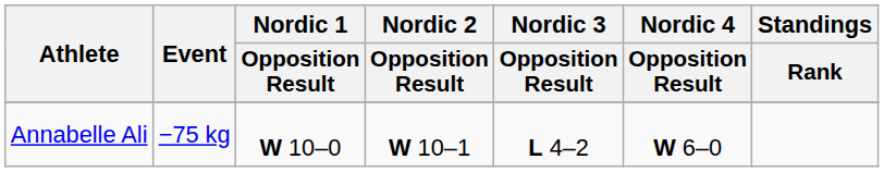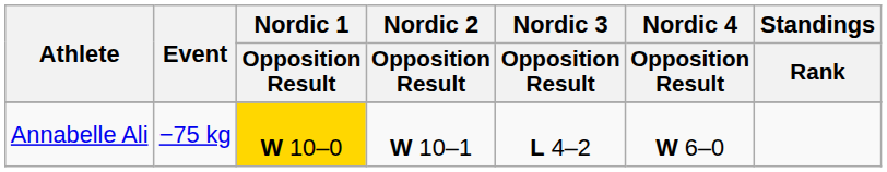 <table class="wikitable" style="font-size:90%">
 <tr>
 <th rowspan=2>Athlete</th>
 <th rowspan=2>Event</th>
 <th>Nordic 1</th>
 <th>Nordic 2</th>
 <th>Nordic 3</th>
 <th>Nordic 4</th>
 <th>Standings</th>
 </tr>
 <tr style="font-size: 95%">
 <th>Opposition<br>Result</th>
 <th>Opposition<br>Result</th>
 <th>Opposition<br>Result</th>
 <th>Opposition<br>Result</th>
 <th>Rank</th>
 </tr>
 <tr align=center>
 </tr>
 <tr align=center>
 <td align=left><a href='#'>Annabelle Ali</a></td>
 <td align=left><a href='#'>−75 kg</a></td>
-<td><br><strong>W</strong> 10–0</td>
+<td style="background: gold;"><br><strong>W</strong> 10–0</td>
 <td><br><strong>W</strong> 10–1</td>
 <td><br><strong>L</strong> 4–2</td>
 <td><br><strong>W</strong> 6–0</td>
 <td></td>
 </tr>
 </table>
